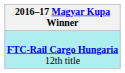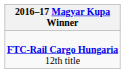 <table class=wikitable style="text-align:center; margin:auto">
 <tr>
 <th>2016–17 <a href='#'>Magyar Kupa</a><br>Winner</th>
 </tr>
 <tr>
-<td align=center style="background: paleturquoise;"><br><strong><a href='#'>FTC-Rail Cargo Hungaria</a></strong><br>12th title</td>
+<td align=center><br><strong><a href='#'>FTC-Rail Cargo Hungaria</a></strong><br>12th title</td>
 </tr>
 </table>
